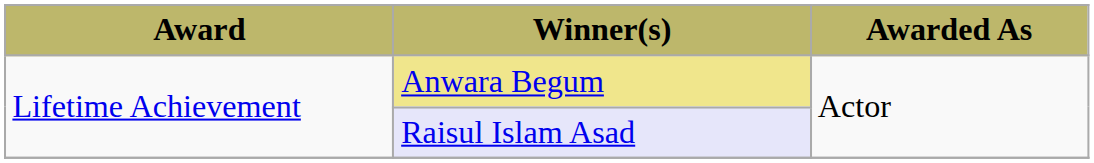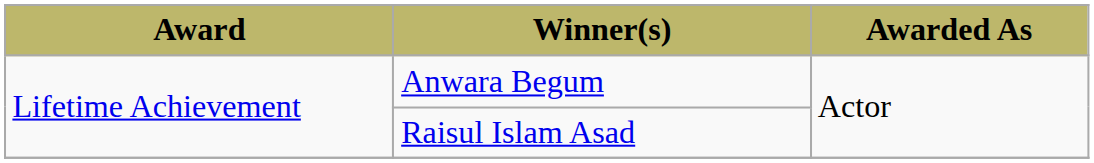 <table class="wikitable plainrowheaders;">
 <tr>
 <th style="background-color:#BDB76B;width:28%;">Award</th>
 <th style="background-color:#BDB76B;width:30%;">Winner(s)</th>
 <th style="background-color:#BDB76B;width:20%;">Awarded As</th>
 </tr>
 <tr>
 <td rowspan="2"><a href='#'>Lifetime Achievement</a></td>
-<td style="background: khaki;"><a href='#'>Anwara Begum</a></td>
+<td><a href='#'>Anwara Begum</a></td>
 <td rowspan="2">Actor</td>
 </tr>
 <tr>
-<td style="background: lavender;"><a href='#'>Raisul Islam Asad</a></td>
+<td><a href='#'>Raisul Islam Asad</a></td>
 </tr>
 <tr>
 </tr>
 </table>
